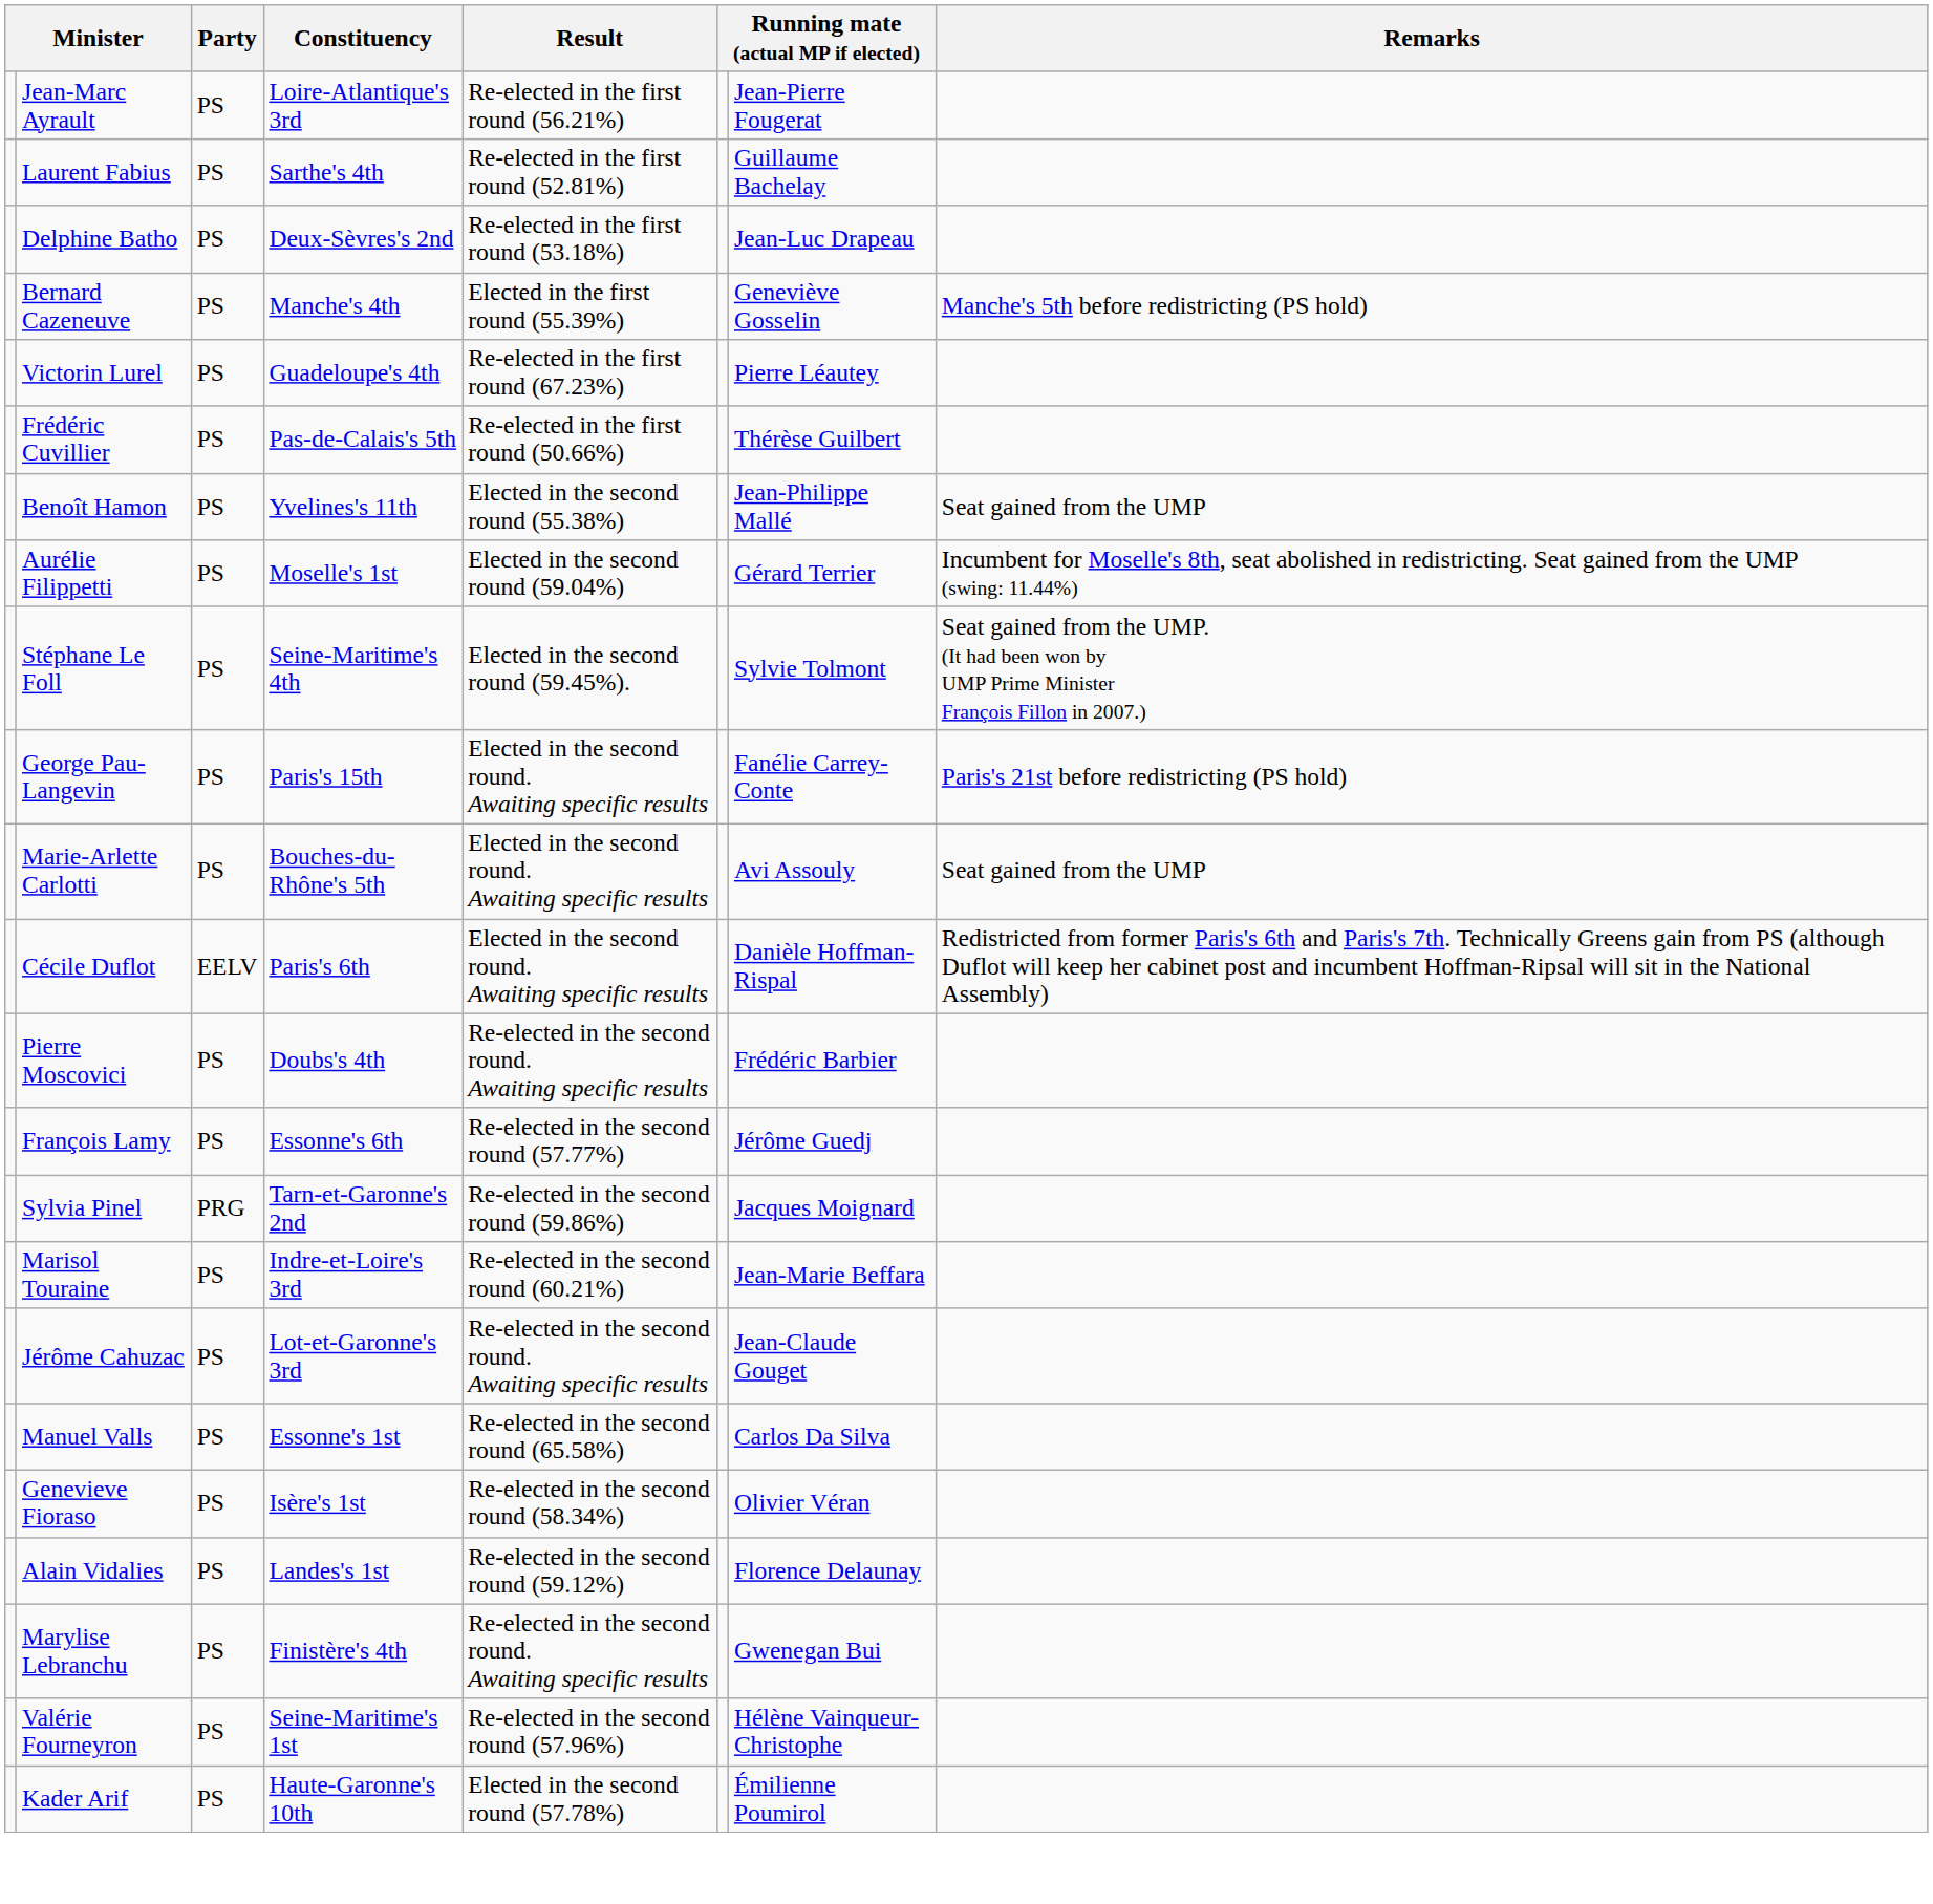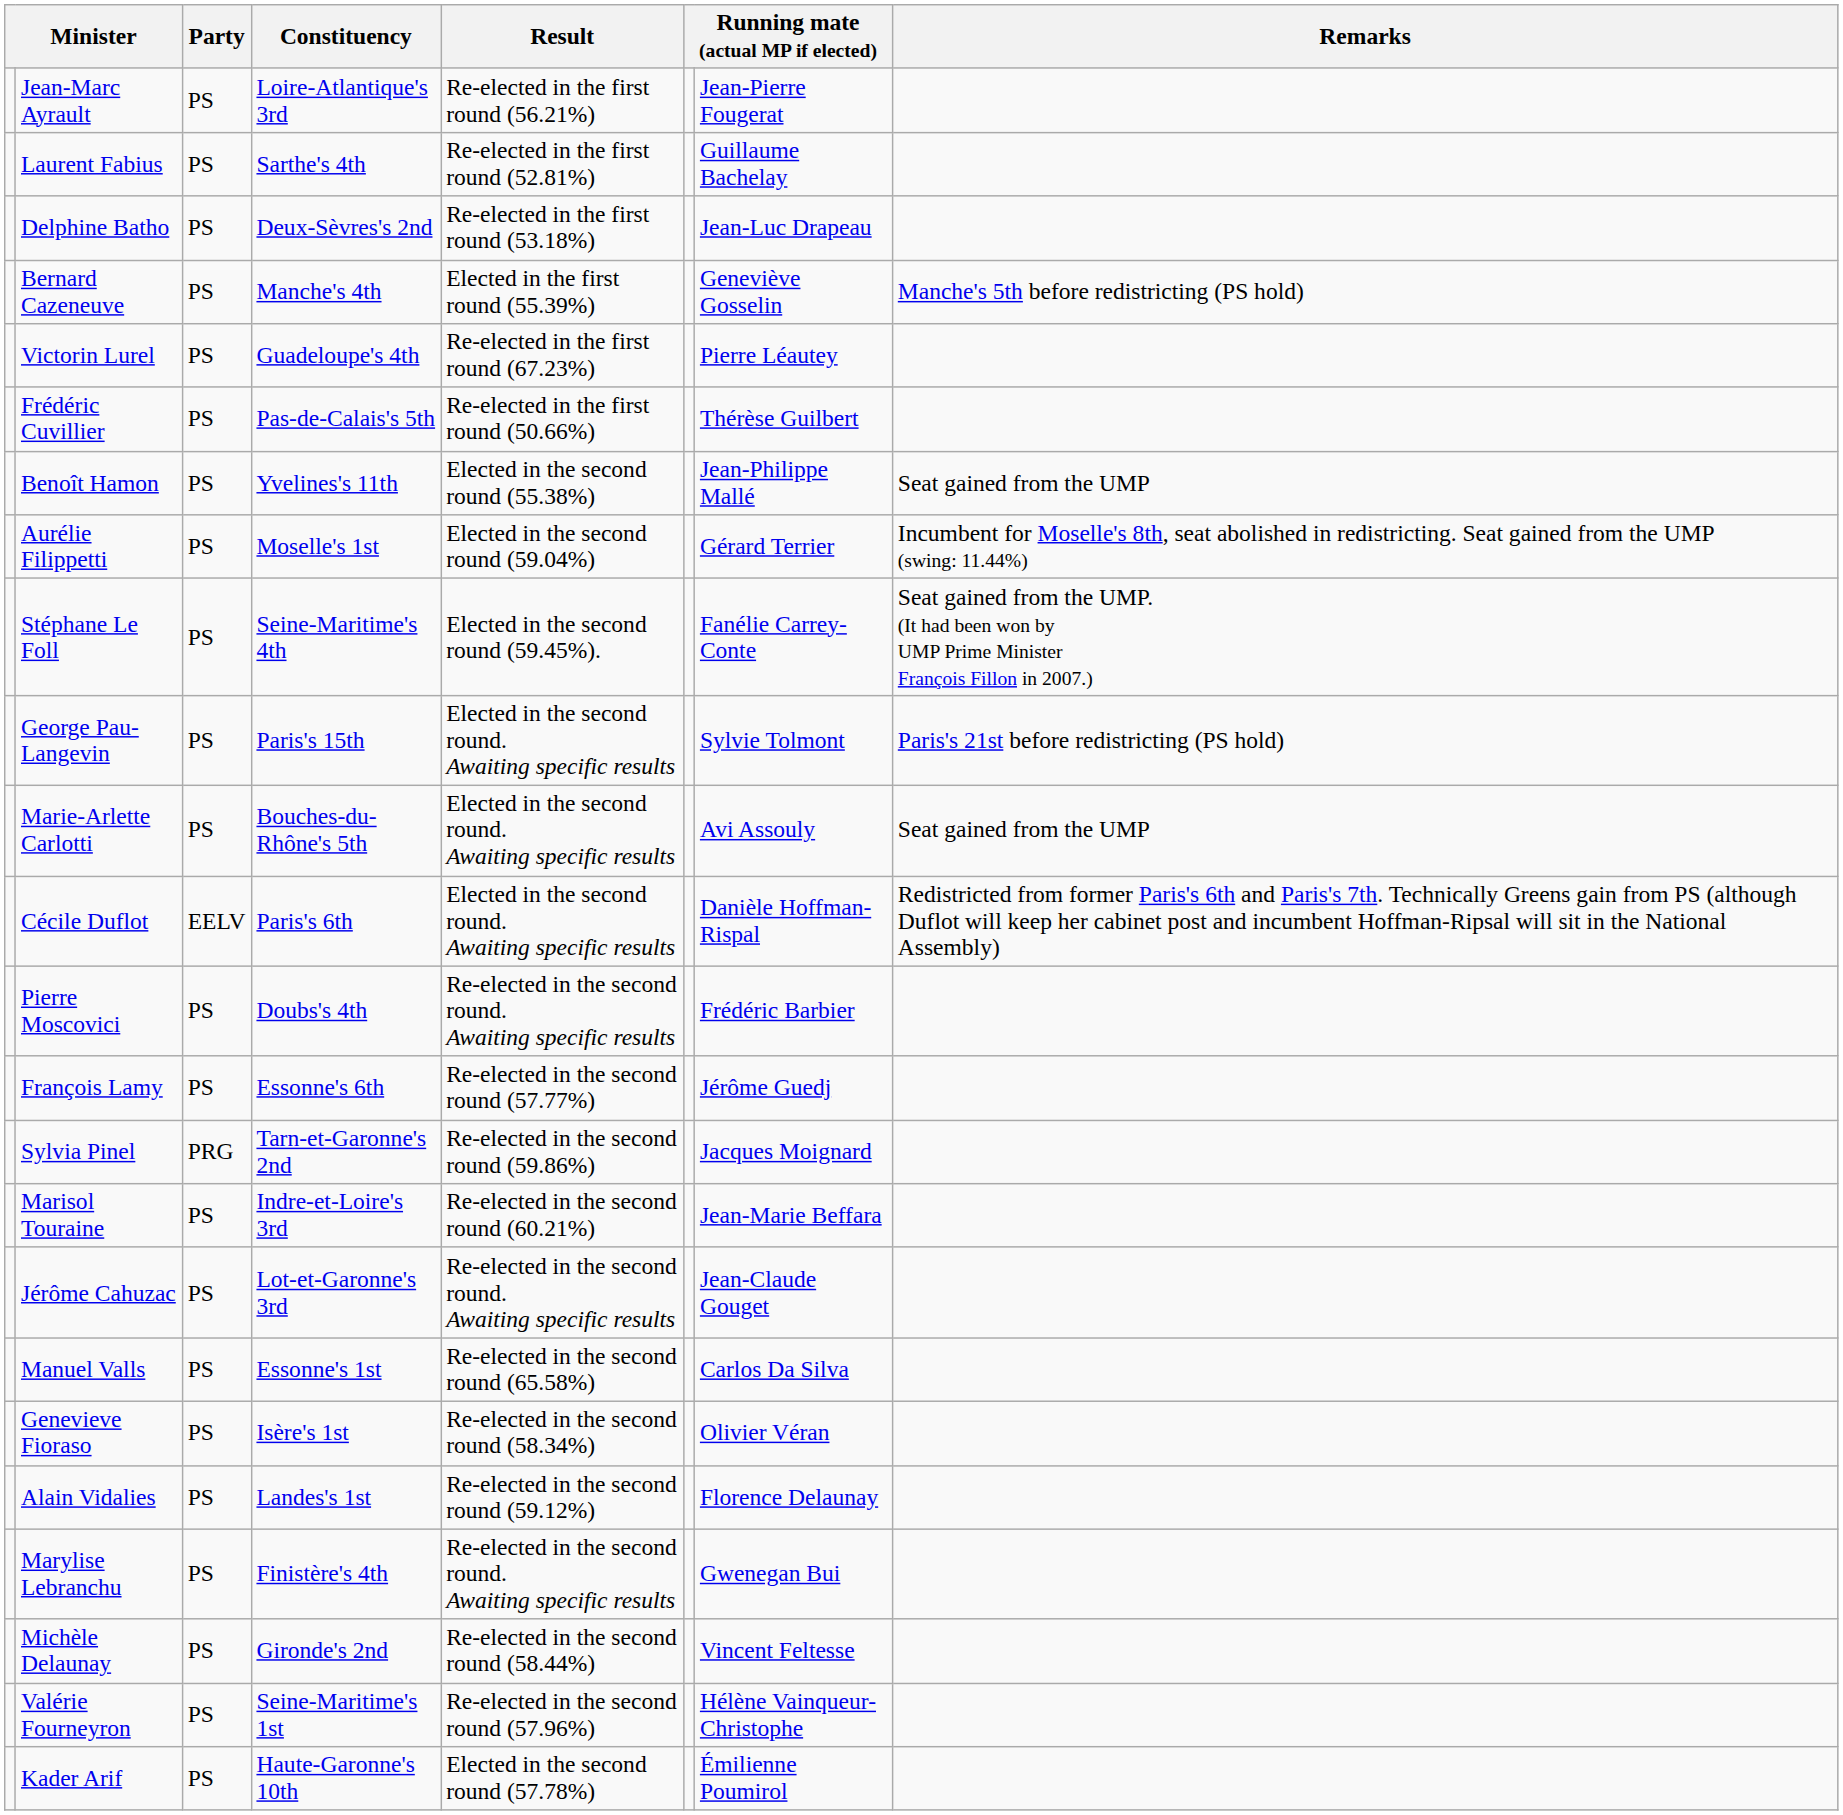 <table class="wikitable">
 <tr>
 <th colspan="2">Minister</th>
 <th>Party</th>
 <th>Constituency</th>
 <th>Result</th>
 <th colspan="2">Running mate<br><small>(actual MP if elected)</small></th>
 <th>Remarks</th>
 </tr>
 <tr>
 <td style="background-color: "></td>
 <td><a href='#'>Jean-Marc Ayrault</a></td>
 <td>PS</td>
 <td><a href='#'>Loire-Atlantique's 3rd</a></td>
 <td>Re-elected in the first round (56.21%)</td>
 <td style="background-color: "></td>
 <td><a href='#'>Jean-Pierre Fougerat</a></td>
 <td></td>
 </tr>
 <tr>
 <td style="background-color: "></td>
 <td><a href='#'>Laurent Fabius</a></td>
 <td>PS</td>
 <td><a href='#'>Sarthe's 4th</a></td>
 <td>Re-elected in the first round (52.81%)</td>
 <td style="background-color: "></td>
 <td><a href='#'>Guillaume Bachelay</a></td>
 <td></td>
 </tr>
 <tr>
 <td style="background-color: "></td>
 <td><a href='#'>Delphine Batho</a></td>
 <td>PS</td>
 <td><a href='#'>Deux-Sèvres's 2nd</a></td>
 <td>Re-elected in the first round (53.18%)</td>
 <td style="background-color: "></td>
 <td><a href='#'>Jean-Luc Drapeau</a></td>
 <td></td>
 </tr>
 <tr>
 <td style="background-color: "></td>
 <td><a href='#'>Bernard Cazeneuve</a></td>
 <td>PS</td>
 <td><a href='#'>Manche's 4th</a></td>
 <td>Elected in the first round (55.39%)</td>
 <td style="background-color: "></td>
 <td><a href='#'>Geneviève Gosselin</a></td>
 <td><a href='#'>Manche's 5th</a> before redistricting (PS hold)</td>
 </tr>
 <tr>
 <td style="background-color: "></td>
 <td><a href='#'>Victorin Lurel</a></td>
 <td>PS</td>
 <td><a href='#'>Guadeloupe's 4th</a></td>
 <td>Re-elected in the first round (67.23%)</td>
 <td style="background-color: "></td>
 <td><a href='#'>Pierre Léautey</a></td>
 <td></td>
 </tr>
 <tr>
 <td style="background-color: "></td>
 <td><a href='#'>Frédéric Cuvillier</a></td>
 <td>PS</td>
 <td><a href='#'>Pas-de-Calais's 5th</a></td>
 <td>Re-elected in the first round (50.66%)</td>
 <td style="background-color: "></td>
 <td><a href='#'>Thérèse Guilbert</a></td>
 <td></td>
 </tr>
 <tr>
 <td style="background-color: "></td>
 <td><a href='#'>Benoît Hamon</a></td>
 <td>PS</td>
 <td><a href='#'>Yvelines's 11th</a></td>
 <td>Elected in the second round (55.38%)</td>
 <td style="background-color: "></td>
 <td><a href='#'>Jean-Philippe Mallé</a></td>
 <td>Seat gained from the UMP</td>
 </tr>
 <tr>
 <td style="background-color: "></td>
 <td><a href='#'>Aurélie Filippetti</a></td>
 <td>PS</td>
 <td><a href='#'>Moselle's 1st</a></td>
 <td>Elected in the second round (59.04%)</td>
 <td style="background-color: "></td>
 <td><a href='#'>Gérard Terrier</a></td>
 <td>Incumbent for <a href='#'>Moselle's 8th</a>, seat abolished in redistricting. Seat gained from the UMP<br><small>(swing: 11.44%)</small></td>
 </tr>
 <tr>
 <td style="background-color: "></td>
 <td><a href='#'>Stéphane Le Foll</a></td>
 <td>PS</td>
 <td><a href='#'>Seine-Maritime's 4th</a></td>
 <td>Elected in the second round (59.45%).</td>
 <td style="background-color: "></td>
-<td><a href='#'>Sylvie Tolmont</a></td>
+<td><a href='#'>Fanélie Carrey-Conte</a></td>
 <td>Seat gained from the UMP.<br><small>(It had been won by<br>UMP Prime Minister<br><a href='#'>François Fillon</a> in 2007.)</small></td>
 </tr>
 <tr>
 <td style="background-color: "></td>
 <td><a href='#'>George Pau-Langevin</a></td>
 <td>PS</td>
 <td><a href='#'>Paris's 15th</a></td>
 <td>Elected in the second round.<br><em>Awaiting specific results</em></td>
 <td style="background-color: "></td>
-<td><a href='#'>Fanélie Carrey-Conte</a></td>
+<td><a href='#'>Sylvie Tolmont</a></td>
 <td><a href='#'>Paris's 21st</a> before redistricting (PS hold)</td>
 </tr>
 <tr>
 <td style="background-color: "></td>
 <td><a href='#'>Marie-Arlette Carlotti</a></td>
 <td>PS</td>
 <td><a href='#'>Bouches-du-Rhône's 5th</a></td>
 <td>Elected in the second round.<br><em>Awaiting specific results</em></td>
 <td style="background-color: "></td>
 <td><a href='#'>Avi Assouly</a></td>
 <td>Seat gained from the UMP</td>
 </tr>
 <tr>
 <td style="background-color: "></td>
 <td><a href='#'>Cécile Duflot</a></td>
 <td>EELV</td>
 <td><a href='#'>Paris's 6th</a></td>
 <td>Elected in the second round.<br><em>Awaiting specific results</em></td>
 <td style="background-color: "></td>
 <td><a href='#'>Danièle Hoffman-Rispal</a></td>
 <td>Redistricted from former <a href='#'>Paris's 6th</a> and <a href='#'>Paris's 7th</a>. Technically Greens gain from PS (although Duflot will keep her cabinet post and incumbent Hoffman-Ripsal will sit in the National Assembly)</td>
 </tr>
 <tr>
 <td style="background-color: "></td>
 <td><a href='#'>Pierre Moscovici</a></td>
 <td>PS</td>
 <td><a href='#'>Doubs's 4th</a></td>
 <td>Re-elected in the second round.<br><em>Awaiting specific results</em></td>
 <td style="background-color: "></td>
 <td><a href='#'>Frédéric Barbier</a></td>
 <td></td>
 </tr>
 <tr>
 <td style="background-color: "></td>
 <td><a href='#'>François Lamy</a></td>
 <td>PS</td>
 <td><a href='#'>Essonne's 6th</a></td>
 <td>Re-elected in the second round (57.77%)</td>
 <td style="background-color: "></td>
 <td><a href='#'>Jérôme Guedj</a></td>
 <td></td>
 </tr>
 <tr>
 <td style="background-color: "></td>
 <td><a href='#'>Sylvia Pinel</a></td>
 <td>PRG</td>
 <td><a href='#'>Tarn-et-Garonne's 2nd</a></td>
 <td>Re-elected in the second round (59.86%)</td>
 <td style="background-color: "></td>
 <td><a href='#'>Jacques Moignard</a></td>
 <td></td>
 </tr>
 <tr>
 <td style="background-color: "></td>
 <td><a href='#'>Marisol Touraine</a></td>
 <td>PS</td>
 <td><a href='#'>Indre-et-Loire's 3rd</a></td>
 <td>Re-elected in the second round (60.21%)</td>
 <td style="background-color: "></td>
 <td><a href='#'>Jean-Marie Beffara</a></td>
 <td></td>
 </tr>
 <tr>
 <td style="background-color: "></td>
 <td><a href='#'>Jérôme Cahuzac</a></td>
 <td>PS</td>
 <td><a href='#'>Lot-et-Garonne's 3rd</a></td>
 <td>Re-elected in the second round.<br><em>Awaiting specific results</em></td>
 <td style="background-color: "></td>
 <td><a href='#'>Jean-Claude Gouget</a></td>
 <td></td>
 </tr>
 <tr>
 <td style="background-color: "></td>
 <td><a href='#'>Manuel Valls</a></td>
 <td>PS</td>
 <td><a href='#'>Essonne's 1st</a></td>
 <td>Re-elected in the second round (65.58%)</td>
 <td style="background-color: "></td>
 <td><a href='#'>Carlos Da Silva</a></td>
 <td></td>
 </tr>
 <tr>
 <td style="background-color: "></td>
 <td><a href='#'>Genevieve Fioraso</a></td>
 <td>PS</td>
 <td><a href='#'>Isère's 1st</a></td>
 <td>Re-elected in the second round (58.34%)</td>
 <td style="background-color: "></td>
 <td><a href='#'>Olivier Véran</a></td>
 <td></td>
 </tr>
 <tr>
 <td style="background-color: "></td>
 <td><a href='#'>Alain Vidalies</a></td>
 <td>PS</td>
 <td><a href='#'>Landes's 1st</a></td>
 <td>Re-elected in the second round (59.12%)</td>
 <td style="background-color: "></td>
 <td><a href='#'>Florence Delaunay</a></td>
 <td></td>
 </tr>
 <tr>
 <td style="background-color: "></td>
 <td><a href='#'>Marylise Lebranchu</a></td>
 <td>PS</td>
 <td><a href='#'>Finistère's 4th</a></td>
 <td>Re-elected in the second round.<br><em>Awaiting specific results</em></td>
 <td style="background-color: "></td>
 <td><a href='#'>Gwenegan Bui</a></td>
 <td></td>
 </tr>
 <tr>
 <td style="background-color: "></td>
+<td><a href='#'>Michèle Delaunay</a></td>
+<td>PS</td>
+<td><a href='#'>Gironde's 2nd</a></td>
+<td>Re-elected in the second round (58.44%)</td>
+<td style="background-color: "></td>
+<td><a href='#'>Vincent Feltesse</a></td>
+<td></td>
+</tr>
+<tr>
+<td style="background-color: "></td>
 <td><a href='#'>Valérie Fourneyron</a></td>
 <td>PS</td>
 <td><a href='#'>Seine-Maritime's 1st</a></td>
 <td>Re-elected in the second round (57.96%)</td>
 <td style="background-color: "></td>
 <td><a href='#'>Hélène Vainqueur-Christophe</a></td>
 <td></td>
 </tr>
 <tr>
 <td style="background-color: "></td>
 <td><a href='#'>Kader Arif</a></td>
 <td>PS</td>
 <td><a href='#'>Haute-Garonne's 10th</a></td>
 <td>Elected in the second round (57.78%)</td>
 <td style="background-color: "></td>
 <td><a href='#'>Émilienne Poumirol</a></td>
 <td></td>
 </tr>
 </table>
